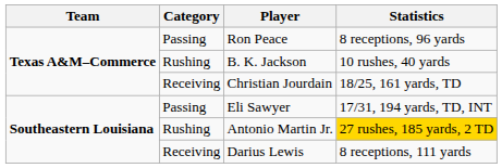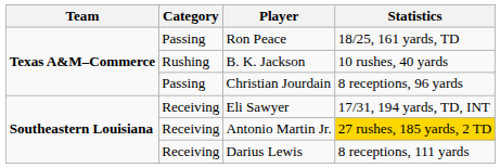 <table class="wikitable" style="float: right;">
 <tr>
 <th>Team</th>
 <th>Category</th>
 <th>Player</th>
 <th>Statistics</th>
 </tr>
 <tr>
 <td rowspan=3><strong>Texas A&M–Commerce</strong></td>
 <td>Passing</td>
 <td>Ron Peace</td>
-<td>8 receptions, 96 yards</td>
+<td>18/25, 161 yards, TD</td>
 </tr>
 <tr>
 <td>Rushing</td>
 <td>B. K. Jackson</td>
 <td>10 rushes, 40 yards</td>
 </tr>
 <tr>
-<td>Receiving</td>
+<td>Passing</td>
 <td>Christian Jourdain</td>
-<td>18/25, 161 yards, TD</td>
+<td>8 receptions, 96 yards</td>
 </tr>
 <tr>
 <td rowspan=3><strong>Southeastern Louisiana</strong></td>
-<td>Passing</td>
+<td>Receiving</td>
 <td>Eli Sawyer</td>
 <td>17/31, 194 yards, TD, INT</td>
 </tr>
 <tr>
-<td>Rushing</td>
+<td>Receiving</td>
 <td>Antonio Martin Jr.</td>
 <td style="background: gold;">27 rushes, 185 yards, 2 TD</td>
 </tr>
 <tr>
 <td>Receiving</td>
 <td>Darius Lewis</td>
 <td>8 receptions, 111 yards</td>
 </tr>
 </table>
